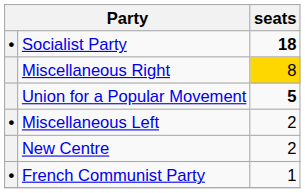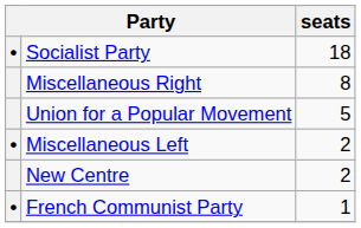 <table class="wikitable" style="font-size: 95%;">
 <tr>
 <th colspan=2>Party</th>
 <th>seats</th>
 </tr>
 <tr>
 <th style="background-color: "><span>•</span></th>
 <td><a href='#'>Socialist Party</a></td>
-<td align="right"><strong>18</strong></td>
+<td align="right">18</td>
 </tr>
 <tr>
 <th style="background-color: "></th>
 <td><a href='#'>Miscellaneous Right</a></td>
-<td align="right" style="background: gold;">8</td>
+<td align="right">8</td>
 </tr>
 <tr>
 <th style="background-color: "></th>
 <td><a href='#'>Union for a Popular Movement</a></td>
-<td align="right"><strong>5</strong></td>
+<td align="right">5</td>
 </tr>
 <tr>
 <th style="background-color: "><span>•</span></th>
 <td><a href='#'>Miscellaneous Left</a></td>
 <td align="right">2</td>
 </tr>
 <tr>
 <th style="background-color: "></th>
 <td><a href='#'>New Centre</a></td>
 <td align="right">2</td>
 </tr>
 <tr>
 <th style="background-color: "><span>•</span></th>
 <td><a href='#'>French Communist Party</a></td>
 <td align="right">1</td>
 </tr>
 <tr>
 </tr>
 </table>
